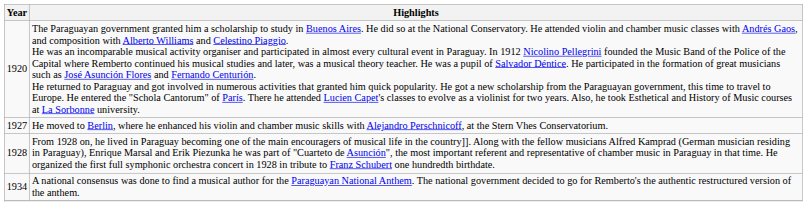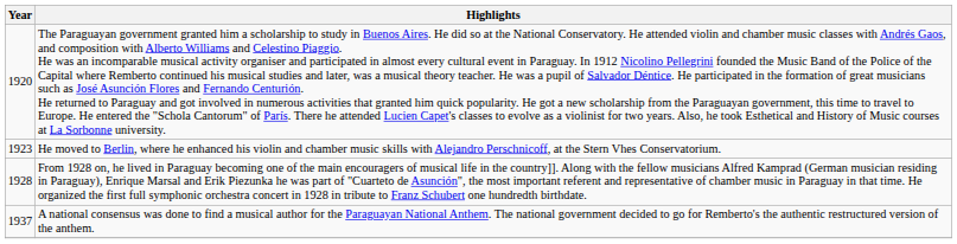 <table class="wikitable">
 <tr>
 <th>Year</th>
 <th>Highlights</th>
 </tr>
 <tr ------>
 <td>1920</td>
 <td>The Paraguayan government granted him a scholarship to study in <a href='#'>Buenos Aires</a>. He did so at the National Conservatory. He attended violin and chamber music classes with <a href='#'>Andrés Gaos</a>, and composition with <a href='#'>Alberto Williams</a> and <a href='#'>Celestino Piaggio</a>.<br>He was an incomparable musical activity organiser and participated in almost every cultural event in Paraguay. In 1912 <a href='#'>Nicolino Pellegrini</a> founded the Music Band of the Police of the Capital where Remberto continued his musical studies and later, was a musical theory teacher. He was a pupil of <a href='#'>Salvador Déntice</a>. He participated in the formation of great musicians such as <a href='#'>José Asunción Flores</a> and <a href='#'>Fernando Centurión</a>.<br>He returned to Paraguay and got involved in numerous activities that granted him quick popularity. He got a new scholarship from the Paraguayan government, this time to travel to Europe. He entered the "Schola Cantorum" of <a href='#'>París</a>. There he attended <a href='#'>Lucien Capet</a>'s classes to evolve as a violinist for two years. Also, he took Esthetical and History of Music courses at <a href='#'>La Sorbonne</a> university.</td>
 </tr>
 <tr -------->
-<td>1927</td>
+<td>1923</td>
 <td>He moved to <a href='#'>Berlin</a>, where he enhanced his violin and chamber music skills with <a href='#'>Alejandro Perschnicoff</a>, at the Stern Vhes Conservatorium.</td>
 </tr>
 <tr -------->
 <td>1928</td>
 <td>From 1928 on, he lived in Paraguay becoming one of the main encouragers of musical life in the country]]. Along with the fellow musicians Alfred Kamprad (German musician residing in Paraguay), Enrique Marsal and Erik Piezunka he was part of "Cuarteto de <a href='#'>Asunción</a>", the most important referent and representative of chamber music in Paraguay in that time. He organized the first full symphonic orchestra concert in 1928 in tribute to <a href='#'>Franz Schubert</a> one hundredth birthdate.</td>
 </tr>
 <tr -------->
-<td>1934</td>
+<td>1937</td>
 <td>A national consensus was done to find a musical author for the <a href='#'>Paraguayan National Anthem</a>. The national government decided to go for Remberto's the authentic restructured version of the anthem.</td>
 </tr>
 <tr -------->
 </tr>
 </table>
